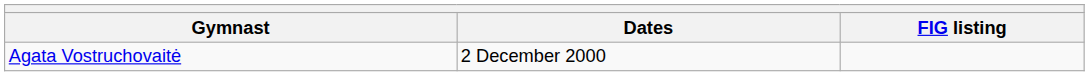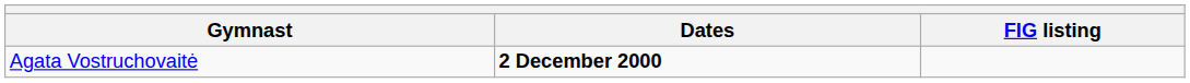 <table class="wikitable mw-collapsible mw-collapsed" width="75%">
 <tr>
 <th colspan="3"></th>
 </tr>
 <tr>
 <th>Gymnast</th>
 <th>Dates</th>
 <th><a href='#'>FIG</a> listing</th>
 </tr>
 <tr>
 <td><a href='#'>Agata Vostruchovaitė</a></td>
-<td>2 December 2000</td>
+<td><strong>2 December 2000</strong></td>
 <td></td>
 </tr>
 </table>
